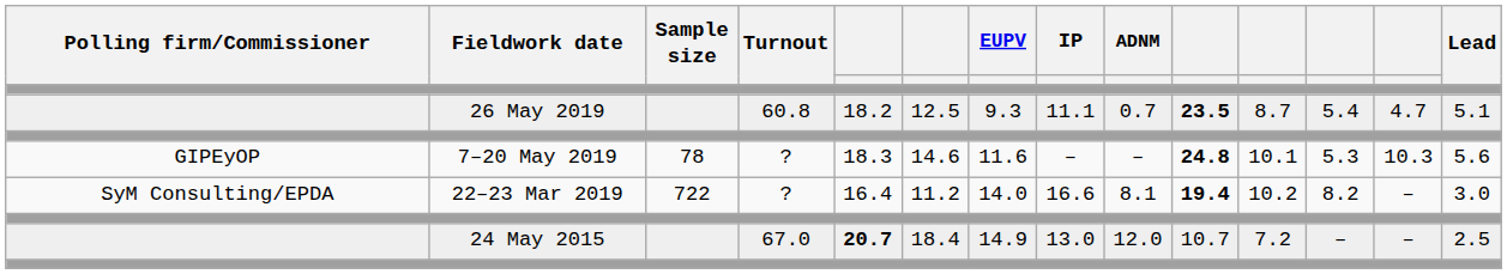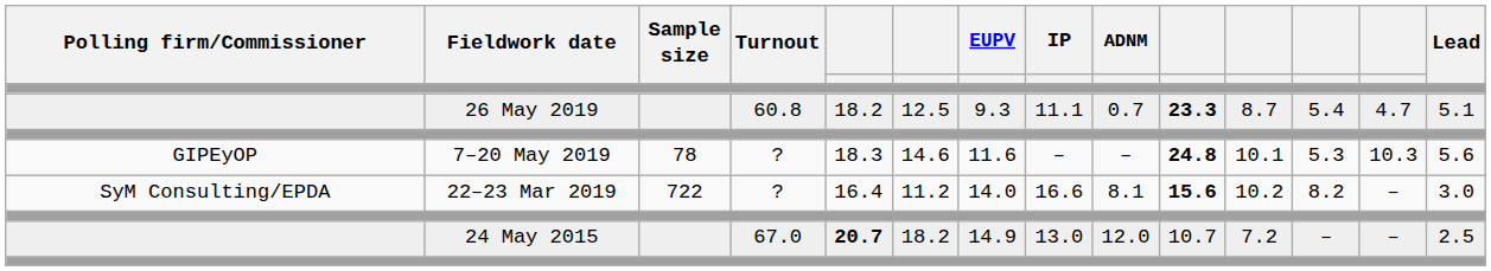 <table class="wikitable collapsible collapsed" style="text-align:center; font-size:95%; line-height:16px;">
 <tr style="height:42px;">
 <th style="width:250px;" rowspan="2">Polling firm/Commissioner</th>
 <th style="width:125px;" rowspan="2">Fieldwork date</th>
 <th style="width:50px;" rowspan="2">Sample size</th>
 <th style="width:45px;" rowspan="2">Turnout</th>
 <th style="width:35px;"></th>
 <th style="width:35px;"></th>
 <th style="width:35px; font-size:95%;"><a href='#'>EUPV</a></th>
 <th style="width:35px;">IP</th>
 <th style="width:35px; font-size:90%;">ADNM</th>
 <th style="width:35px;"></th>
 <th style="width:35px;"></th>
 <th style="width:35px;"></th>
 <th style="width:35px;"></th>
 <th style="width:30px;" rowspan="2">Lead</th>
 </tr>
 <tr>
 <th style="color:inherit;background:"></th>
 <th style="color:inherit;background:"></th>
 <th style="color:inherit;background:"></th>
 <th style="color:inherit;background:"></th>
 <th style="color:inherit;background:"></th>
 <th style="color:inherit;background:"></th>
 <th style="color:inherit;background:"></th>
 <th style="color:inherit;background:"></th>
 <th style="color:inherit;background:"></th>
 </tr>
 <tr>
 <td colspan="14" style="background:#A0A0A0"></td>
 </tr>
 <tr style="background:#EFEFEF;">
 <td><strong></strong></td>
 <td>26 May 2019</td>
 <td></td>
 <td>60.8</td>
 <td>18.2<br></td>
 <td>12.5<br></td>
 <td>9.3<br></td>
 <td>11.1<br></td>
 <td>0.7<br></td>
-<td><strong>23.5</strong><br></td>
+<td><strong>23.3</strong><br></td>
 <td>8.7<br></td>
 <td>5.4<br></td>
 <td>4.7<br></td>
 <td style="background:">5.1</td>
 </tr>
 <tr>
 <td colspan="14" style="background:#A0A0A0"></td>
 </tr>
 <tr>
 <td>GIPEyOP</td>
 <td>7–20 May 2019</td>
 <td>78</td>
 <td>?</td>
 <td>18.3<br></td>
 <td>14.6<br></td>
 <td>11.6<br></td>
 <td>–</td>
 <td>–</td>
 <td><strong>24.8</strong><br></td>
 <td>10.1<br></td>
 <td>5.3<br></td>
 <td>10.3<br></td>
 <td style="background:">5.6</td>
 </tr>
 <tr>
 <td>SyM Consulting/EPDA</td>
 <td>22–23 Mar 2019</td>
 <td>722</td>
 <td>?</td>
 <td>16.4<br></td>
 <td>11.2<br></td>
 <td>14.0<br></td>
 <td>16.6<br></td>
 <td>8.1<br></td>
-<td><strong>19.4</strong><br></td>
+<td><strong>15.6</strong><br></td>
 <td>10.2<br></td>
 <td>8.2<br></td>
 <td>–</td>
 <td style="background:">3.0</td>
 </tr>
 <tr>
 <td colspan="14" style="background:#A0A0A0"></td>
 </tr>
 <tr style="background:#EFEFEF;">
 <td><strong></strong></td>
 <td>24 May 2015</td>
 <td></td>
 <td>67.0</td>
 <td><strong>20.7</strong><br></td>
-<td>18.4<br></td>
+<td>18.2<br></td>
 <td>14.9<br></td>
 <td>13.0<br></td>
 <td>12.0<br></td>
 <td>10.7<br></td>
 <td>7.2<br></td>
 <td>–</td>
 <td>–</td>
 <td style="background:">2.5</td>
 </tr>
 <tr>
 <td colspan="14" style="background:#A0A0A0"></td>
 </tr>
 </table>
